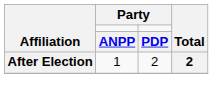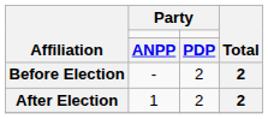 <table class=wikitable style="text-align:center">
 <tr style="vertical-align:bottom;">
 <th rowspan=3>Affiliation</th>
 <th colspan=2>Party</th>
 <th rowspan=3>Total</th>
 </tr>
 <tr>
 <td style="background-color:"></td>
 <td style="background-color:"></td>
 </tr>
 <tr>
 <th><a href='#'>ANPP</a></th>
 <th><a href='#'>PDP</a></th>
 </tr>
 <tr>
+<th>Before Election</th>
+<td>-</td>
+<td>2</td>
+<th>2</th>
+</tr>
+<tr>
 <th>After Election</th>
 <td>1</td>
 <td>2</td>
 <th>2</th>
 </tr>
 <tr>
 </tr>
 </table>
